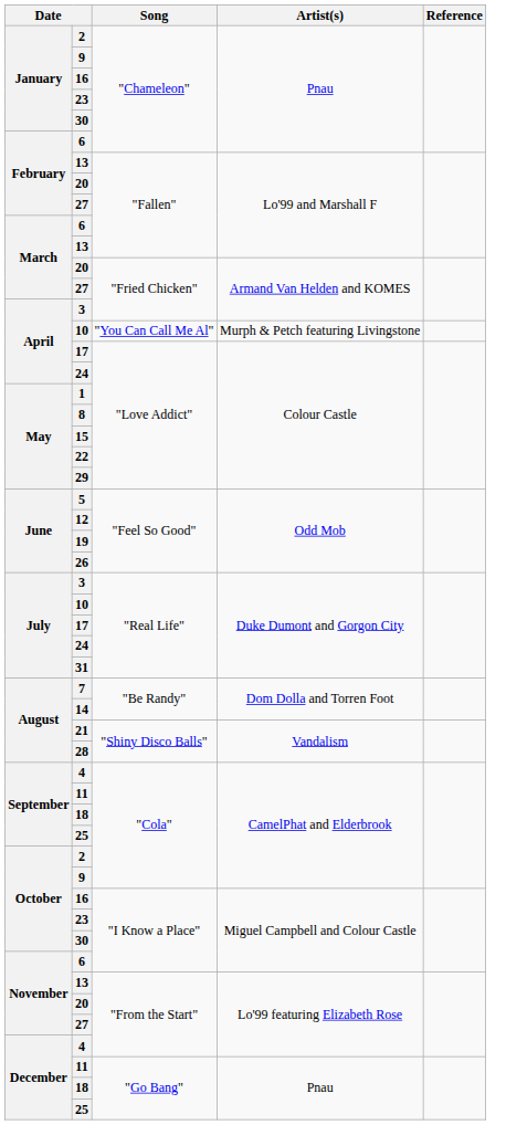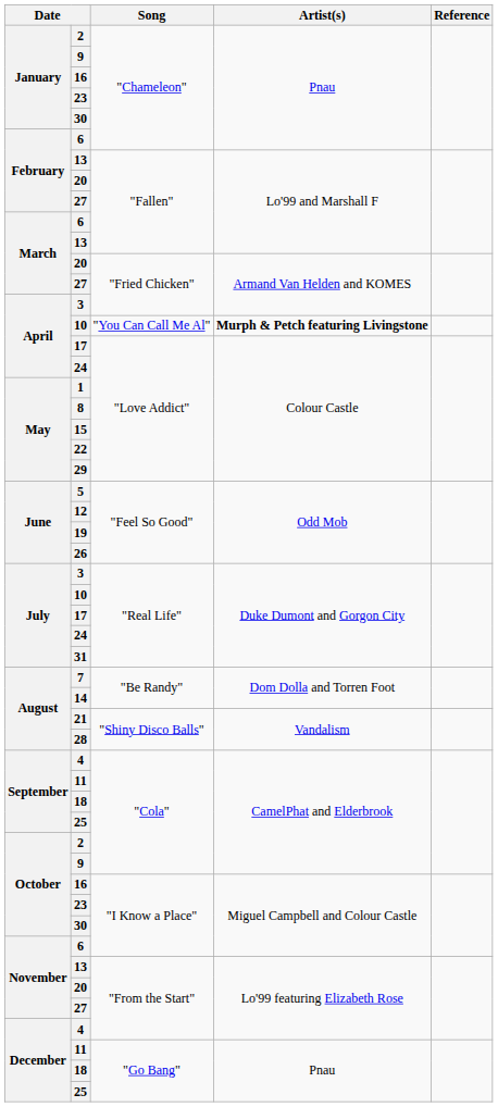 <table class="wikitable">
 <tr>
 <th colspan="2">Date</th>
 <th>Song</th>
 <th>Artist(s)</th>
 <th>Reference</th>
 </tr>
 <tr>
 <th rowspan="5">January</th>
 <th>2</th>
 <td align="center" rowspan="6">"<a href='#'>Chameleon</a>"</td>
 <td align="center" rowspan="6"><a href='#'>Pnau</a></td>
 <td align="center" rowspan="6"></td>
 </tr>
 <tr>
 <th>9</th>
 </tr>
 <tr>
 <th>16</th>
 </tr>
 <tr>
 <th>23</th>
 </tr>
 <tr>
 <th>30</th>
 </tr>
 <tr>
 <th rowspan="4">February</th>
 <th>6</th>
 </tr>
 <tr>
 <th>13</th>
 <td align="center" rowspan="5">"Fallen"</td>
 <td align="center" rowspan="5">Lo'99 and Marshall F</td>
 <td align="center" rowspan="5"></td>
 </tr>
 <tr>
 <th>20</th>
 </tr>
 <tr>
 <th>27</th>
 </tr>
 <tr>
 <th rowspan="4">March</th>
 <th>6</th>
 </tr>
 <tr>
 <th>13</th>
 </tr>
 <tr>
 <th>20</th>
 <td align="center" rowspan="3">"Fried Chicken"</td>
 <td align="center" rowspan="3"><a href='#'>Armand Van Helden</a> and KOMES</td>
 <td align="center" rowspan="3"></td>
 </tr>
 <tr>
 <th>27</th>
 </tr>
 <tr>
 <th rowspan="4">April</th>
 <th>3</th>
 </tr>
 <tr>
 <th>10</th>
 <td align="center">"<a href='#'>You Can Call Me Al</a>"</td>
-<td align="center">Murph & Petch featuring Livingstone</td>
+<td align="center"><strong>Murph & Petch featuring Livingstone</strong></td>
 <td align="center"></td>
 </tr>
 <tr>
 <th>17</th>
 <td align="center" rowspan="7">"Love Addict"</td>
 <td align="center" rowspan="7">Colour Castle</td>
 <td align="center" rowspan="7"></td>
 </tr>
 <tr>
 <th>24</th>
 </tr>
 <tr>
 <th rowspan="5">May</th>
 <th>1</th>
 </tr>
 <tr>
 <th>8</th>
 </tr>
 <tr>
 <th>15</th>
 </tr>
 <tr>
 <th>22</th>
 </tr>
 <tr>
 <th>29</th>
 </tr>
 <tr>
 <th rowspan="4">June</th>
 <th>5</th>
 <td align="center" rowspan="4">"Feel So Good"</td>
 <td align="center" rowspan="4"><a href='#'>Odd Mob</a></td>
 <td align="center" rowspan="4"></td>
 </tr>
 <tr>
 <th>12</th>
 </tr>
 <tr>
 <th>19</th>
 </tr>
 <tr>
 <th>26</th>
 </tr>
 <tr>
 <th rowspan="5">July</th>
 <th>3</th>
 <td align="center" rowspan="5">"Real Life"</td>
 <td align="center" rowspan="5"><a href='#'>Duke Dumont</a> and <a href='#'>Gorgon City</a></td>
 <td align="center" rowspan="5"></td>
 </tr>
 <tr>
 <th>10</th>
 </tr>
 <tr>
 <th>17</th>
 </tr>
 <tr>
 <th>24</th>
 </tr>
 <tr>
 <th>31</th>
 </tr>
 <tr>
 <th rowspan="4">August</th>
 <th>7</th>
 <td align="center" rowspan="2">"Be Randy"</td>
 <td align="center" rowspan="2"><a href='#'>Dom Dolla</a> and Torren Foot</td>
 <td align="center" rowspan="2"></td>
 </tr>
 <tr>
 <th>14</th>
 </tr>
 <tr>
 <th>21</th>
 <td align="center" rowspan="2">"<a href='#'>Shiny Disco Balls</a>"</td>
 <td align="center" rowspan="2"><a href='#'>Vandalism</a></td>
 <td align="center" rowspan="2"></td>
 </tr>
 <tr>
 <th>28</th>
 </tr>
 <tr>
 <th rowspan="4">September</th>
 <th>4</th>
 <td align="center" rowspan="6">"<a href='#'>Cola</a>"</td>
 <td align="center" rowspan="6"><a href='#'>CamelPhat</a> and <a href='#'>Elderbrook</a></td>
 <td align="center" rowspan="6"></td>
 </tr>
 <tr>
 <th>11</th>
 </tr>
 <tr>
 <th>18</th>
 </tr>
 <tr>
 <th>25</th>
 </tr>
 <tr>
 <th rowspan="5">October</th>
 <th>2</th>
 </tr>
 <tr>
 <th>9</th>
 </tr>
 <tr>
 <th>16</th>
 <td align="center" rowspan="4">"I Know a Place"</td>
 <td align="center" rowspan="4">Miguel Campbell and Colour Castle</td>
 <td align="center" rowspan="4"></td>
 </tr>
 <tr>
 <th>23</th>
 </tr>
 <tr>
 <th>30</th>
 </tr>
 <tr>
 <th rowspan="4">November</th>
 <th>6</th>
 </tr>
 <tr>
 <th>13</th>
 <td align="center" rowspan="4">"From the Start"</td>
 <td align="center" rowspan="4">Lo'99 featuring <a href='#'>Elizabeth Rose</a></td>
 <td align="center" rowspan="4"></td>
 </tr>
 <tr>
 <th>20</th>
 </tr>
 <tr>
 <th>27</th>
 </tr>
 <tr>
 <th rowspan="4">December</th>
 <th>4</th>
 </tr>
 <tr>
 <th>11</th>
 <td align="center" rowspan="3">"<a href='#'>Go Bang</a>"</td>
 <td align="center" rowspan="3">Pnau</td>
 <td align="center" rowspan="3"></td>
 </tr>
 <tr>
 <th>18</th>
 </tr>
 <tr>
 <th>25</th>
 </tr>
 </table>
